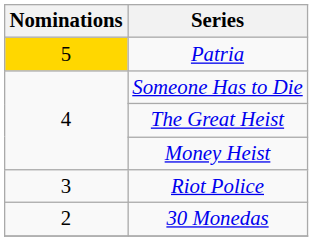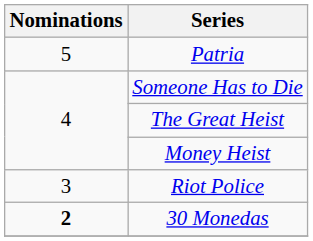 <table class="wikitable" style="text-align:center;">
 <tr>
 <th scope="col" width="55">Nominations</th>
 <th scope="col" align="center">Series</th>
 </tr>
 <tr>
-<td style="background: gold; text-align:center">5</td>
+<td style="text-align:center">5</td>
 <td><em><a href='#'>Patria</a></em></td>
 </tr>
 <tr>
 <td rowspan="3" style="text-align:center">4</td>
 <td><em><a href='#'>Someone Has to Die</a></em></td>
 </tr>
 <tr>
 <td><em><a href='#'>The Great Heist</a></em></td>
 </tr>
 <tr>
 <td><em><a href='#'>Money Heist</a></em></td>
 </tr>
 <tr>
 <td style="text-align:center">3</td>
 <td><em><a href='#'>Riot Police</a></em></td>
 </tr>
 <tr>
-<td style="text-align:center">2</td>
+<td style="text-align:center"><strong>2</strong></td>
 <td><em><a href='#'>30 Monedas</a></em></td>
 </tr>
 <tr>
 </tr>
 </table>
